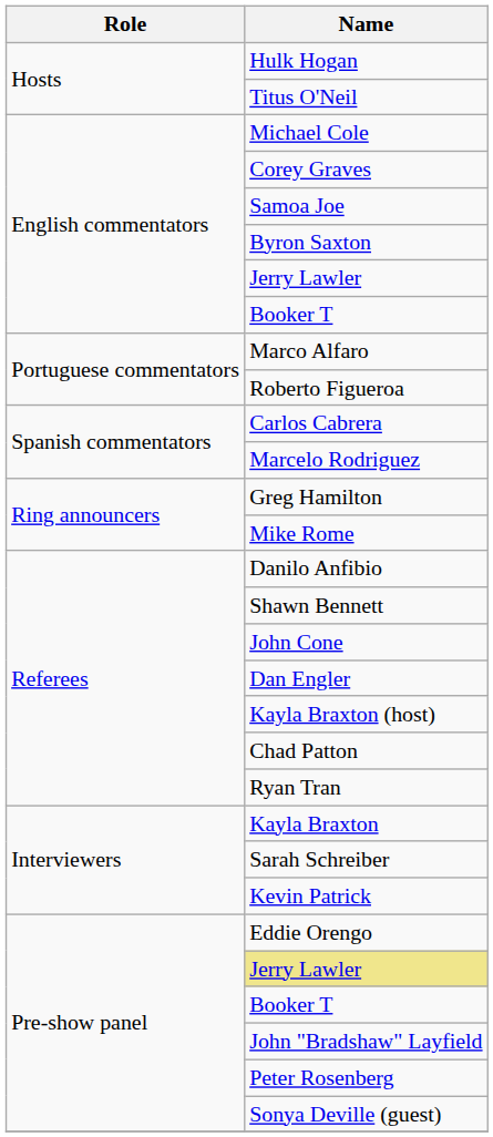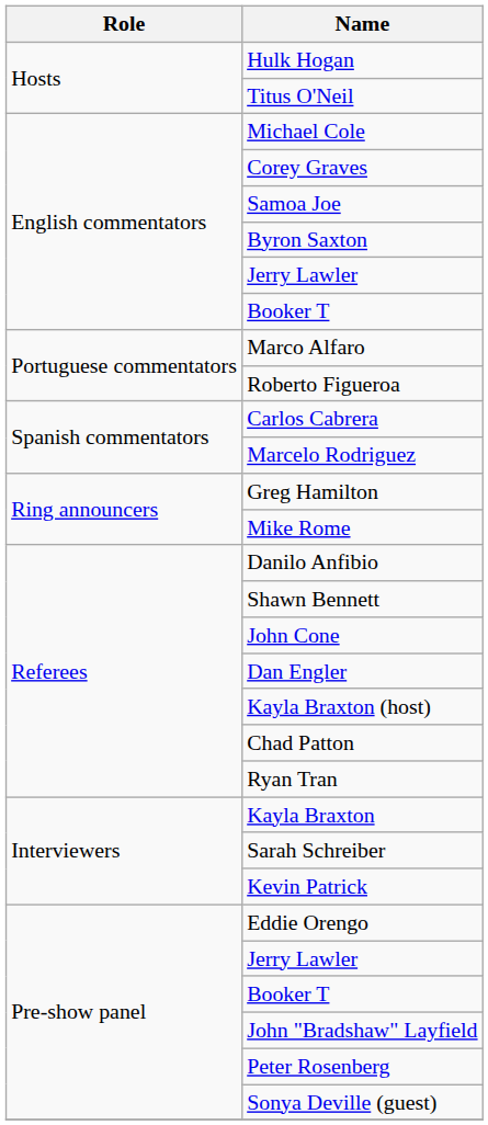 <table class=wikitable style="font-size:90%; margin: 0.5em 0 0.5em 1em; float: right; clear: right;">
 <tr>
 <th>Role</th>
 <th>Name</th>
 </tr>
 <tr>
 <td rowspan=2>Hosts</td>
 <td><a href='#'>Hulk Hogan</a></td>
 </tr>
 <tr>
 <td><a href='#'>Titus O'Neil</a></td>
 </tr>
 <tr>
 <td rowspan="6">English commentators</td>
 <td><a href='#'>Michael Cole</a> </td>
 </tr>
 <tr>
 <td><a href='#'>Corey Graves</a> </td>
 </tr>
 <tr>
 <td><a href='#'>Samoa Joe</a> </td>
 </tr>
 <tr>
 <td><a href='#'>Byron Saxton</a> </td>
 </tr>
 <tr>
 <td><a href='#'>Jerry Lawler</a> </td>
 </tr>
 <tr>
 <td><a href='#'>Booker T</a> </td>
 </tr>
 <tr>
 <td rowspan=2>Portuguese commentators</td>
 <td>Marco Alfaro</td>
 </tr>
 <tr>
 <td>Roberto Figueroa</td>
 </tr>
 <tr>
 <td rowspan="2">Spanish commentators</td>
 <td><a href='#'>Carlos Cabrera</a></td>
 </tr>
 <tr>
 <td><a href='#'>Marcelo Rodriguez</a></td>
 </tr>
 <tr>
 <td rowspan="2"><a href='#'>Ring announcers</a></td>
 <td>Greg Hamilton </td>
 </tr>
 <tr>
 <td><a href='#'>Mike Rome</a> </td>
 </tr>
 <tr>
 <td rowspan="7"><a href='#'>Referees</a></td>
 <td>Danilo Anfibio</td>
 </tr>
 <tr>
 <td>Shawn Bennett</td>
 </tr>
 <tr>
 <td><a href='#'>John Cone</a></td>
 </tr>
 <tr>
 <td><a href='#'>Dan Engler</a></td>
 </tr>
 <tr>
 <td><a href='#'>Kayla Braxton</a> (host)</td>
 </tr>
 <tr>
 <td>Chad Patton</td>
 </tr>
 <tr>
 <td>Ryan Tran</td>
 </tr>
 <tr>
 <td rowspan=3>Interviewers</td>
 <td><a href='#'>Kayla Braxton</a></td>
 </tr>
 <tr>
 <td>Sarah Schreiber</td>
 </tr>
 <tr>
 <td><a href='#'>Kevin Patrick</a></td>
 </tr>
 <tr>
 <td rowspan="6">Pre-show panel</td>
 <td>Eddie Orengo</td>
 </tr>
 <tr>
-<td style="background: khaki;"><a href='#'>Jerry Lawler</a></td>
+<td><a href='#'>Jerry Lawler</a></td>
 </tr>
 <tr>
 <td><a href='#'>Booker T</a></td>
 </tr>
 <tr>
 <td><a href='#'>John "Bradshaw" Layfield</a></td>
 </tr>
 <tr>
 <td><a href='#'>Peter Rosenberg</a></td>
 </tr>
 <tr>
 <td><a href='#'>Sonya Deville</a> (guest)</td>
 </tr>
 <tr>
 </tr>
 </table>
